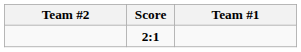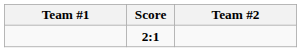 <table class="wikitable" style="text-align:center;">
 <tr>
+<th width=140>Team #1</th>
+<th width=50>Score</th>
 <th width=140>Team #2</th>
-<th width=50>Score</th>
-<th width=140>Team #1</th>
 </tr>
 <tr>
+<td style="text-align:right;"><strong></strong></td>
+<td><strong>2:1</strong></td>
 <td style="text-align:left;"></td>
-<td><strong>2:1</strong></td>
-<td style="text-align:right;"><strong></strong></td>
 </tr>
 </table>
